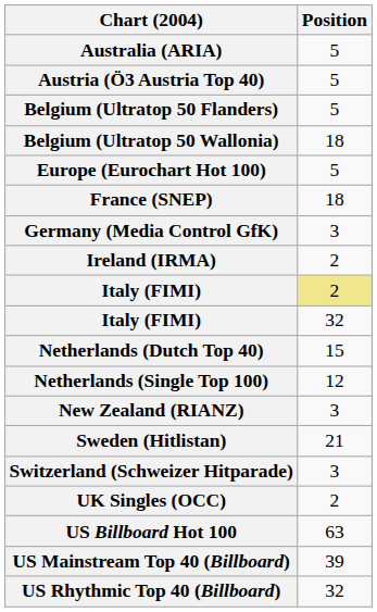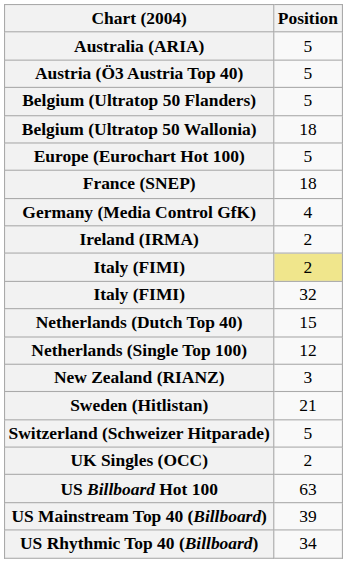 <table class="wikitable sortable plainrowheaders" style="text-align:center">
 <tr>
 <th scope="col">Chart (2004)</th>
 <th scope="col">Position</th>
 </tr>
 <tr>
 <th scope="row">Australia (ARIA)</th>
 <td>5</td>
 </tr>
 <tr>
 <th scope="row">Austria (Ö3 Austria Top 40)</th>
 <td>5</td>
 </tr>
 <tr>
 <th scope="row">Belgium (Ultratop 50 Flanders)</th>
 <td>5</td>
 </tr>
 <tr>
 <th scope="row">Belgium (Ultratop 50 Wallonia)</th>
 <td>18</td>
 </tr>
 <tr>
 <th scope="row">Europe (Eurochart Hot 100)</th>
 <td>5</td>
 </tr>
 <tr>
 <th scope="row">France (SNEP)</th>
 <td>18</td>
 </tr>
 <tr>
 <th scope="row">Germany (Media Control GfK)</th>
-<td>3</td>
+<td>4</td>
 </tr>
 <tr>
 <th scope="row">Ireland (IRMA)</th>
 <td>2</td>
 </tr>
 <tr>
 <th scope="row">Italy (FIMI)</th>
 <td style="background: khaki;">2</td>
 </tr>
 <tr>
 <th scope="row">Italy (FIMI)<br></th>
 <td>32</td>
 </tr>
 <tr>
 <th scope="row">Netherlands (Dutch Top 40)</th>
 <td>15</td>
 </tr>
 <tr>
 <th scope="row">Netherlands (Single Top 100)</th>
 <td>12</td>
 </tr>
 <tr>
 <th scope="row">New Zealand (RIANZ)</th>
 <td>3</td>
 </tr>
 <tr>
 <th scope="row">Sweden (Hitlistan)</th>
 <td>21</td>
 </tr>
 <tr>
 <th scope="row">Switzerland (Schweizer Hitparade)</th>
-<td>3</td>
+<td>5</td>
 </tr>
 <tr>
 <th scope="row">UK Singles (OCC)</th>
 <td>2</td>
 </tr>
 <tr>
 <th scope="row">US <em>Billboard</em> Hot 100</th>
 <td>63</td>
 </tr>
 <tr>
 <th scope="row">US Mainstream Top 40 (<em>Billboard</em>)</th>
 <td>39</td>
 </tr>
 <tr>
 <th scope="row">US Rhythmic Top 40 (<em>Billboard</em>)</th>
-<td>32</td>
+<td>34</td>
 </tr>
 </table>
